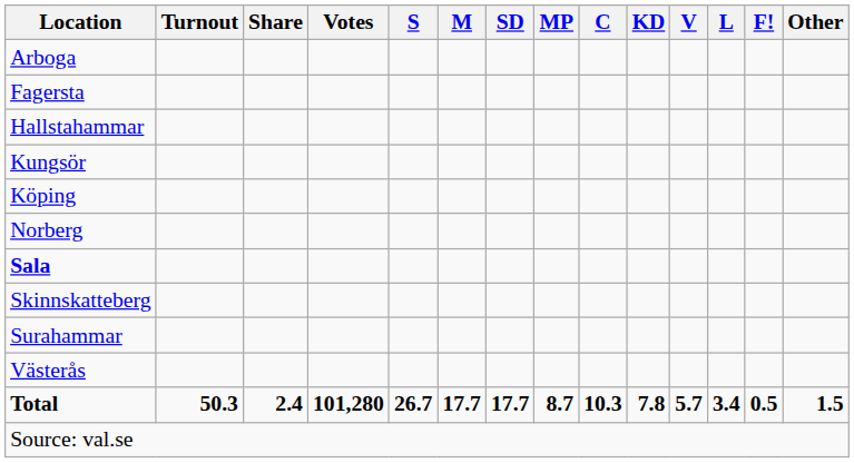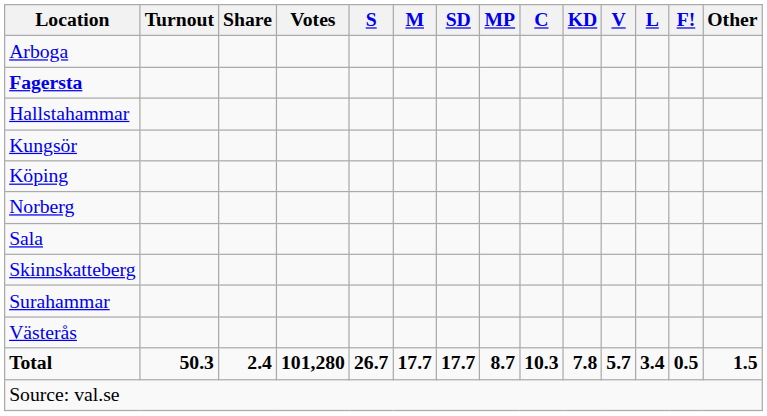 <table class="wikitable sortable" style=text-align:right>
 <tr>
 <th>Location</th>
 <th>Turnout</th>
 <th>Share</th>
 <th>Votes</th>
 <th><a href='#'>S</a></th>
 <th><a href='#'>M</a></th>
 <th><a href='#'>SD</a></th>
 <th><a href='#'>MP</a></th>
 <th><a href='#'>C</a></th>
 <th><a href='#'>KD</a></th>
 <th><a href='#'>V</a></th>
 <th><a href='#'>L</a></th>
 <th><a href='#'>F!</a></th>
 <th>Other</th>
 </tr>
 <tr>
 <td align=left><a href='#'>Arboga</a></td>
 <td></td>
 <td></td>
 <td></td>
 <td></td>
 <td></td>
 <td></td>
 <td></td>
 <td></td>
 <td></td>
 <td></td>
 <td></td>
 <td></td>
 <td></td>
 </tr>
 <tr>
-<td align=left><a href='#'>Fagersta</a></td>
+<td align=left><strong><a href='#'>Fagersta</a></strong></td>
 <td></td>
 <td></td>
 <td></td>
 <td></td>
 <td></td>
 <td></td>
 <td></td>
 <td></td>
 <td></td>
 <td></td>
 <td></td>
 <td></td>
 <td></td>
 </tr>
 <tr>
 <td align=left><a href='#'>Hallstahammar</a></td>
 <td></td>
 <td></td>
 <td></td>
 <td></td>
 <td></td>
 <td></td>
 <td></td>
 <td></td>
 <td></td>
 <td></td>
 <td></td>
 <td></td>
 <td></td>
 </tr>
 <tr>
 <td align=left><a href='#'>Kungsör</a></td>
 <td></td>
 <td></td>
 <td></td>
 <td></td>
 <td></td>
 <td></td>
 <td></td>
 <td></td>
 <td></td>
 <td></td>
 <td></td>
 <td></td>
 <td></td>
 </tr>
 <tr>
 <td align=left><a href='#'>Köping</a></td>
 <td></td>
 <td></td>
 <td></td>
 <td></td>
 <td></td>
 <td></td>
 <td></td>
 <td></td>
 <td></td>
 <td></td>
 <td></td>
 <td></td>
 <td></td>
 </tr>
 <tr>
 <td align=left><a href='#'>Norberg</a></td>
 <td></td>
 <td></td>
 <td></td>
 <td></td>
 <td></td>
 <td></td>
 <td></td>
 <td></td>
 <td></td>
 <td></td>
 <td></td>
 <td></td>
 <td></td>
 </tr>
 <tr>
-<td align=left><strong><a href='#'>Sala</a></strong></td>
+<td align=left><a href='#'>Sala</a></td>
 <td></td>
 <td></td>
 <td></td>
 <td></td>
 <td></td>
 <td></td>
 <td></td>
 <td></td>
 <td></td>
 <td></td>
 <td></td>
 <td></td>
 <td></td>
 </tr>
 <tr>
 <td align=left><a href='#'>Skinnskatteberg</a></td>
 <td></td>
 <td></td>
 <td></td>
 <td></td>
 <td></td>
 <td></td>
 <td></td>
 <td></td>
 <td></td>
 <td></td>
 <td></td>
 <td></td>
 <td></td>
 </tr>
 <tr>
 <td align=left><a href='#'>Surahammar</a></td>
 <td></td>
 <td></td>
 <td></td>
 <td></td>
 <td></td>
 <td></td>
 <td></td>
 <td></td>
 <td></td>
 <td></td>
 <td></td>
 <td></td>
 <td></td>
 </tr>
 <tr>
 <td align=left><a href='#'>Västerås</a></td>
 <td></td>
 <td></td>
 <td></td>
 <td></td>
 <td></td>
 <td></td>
 <td></td>
 <td></td>
 <td></td>
 <td></td>
 <td></td>
 <td></td>
 <td></td>
 </tr>
 <tr>
 <td align=left><strong>Total</strong></td>
 <td><strong>50.3</strong></td>
 <td><strong>2.4</strong></td>
 <td><strong>101,280</strong></td>
 <td><strong>26.7</strong></td>
 <td><strong>17.7</strong></td>
 <td><strong>17.7</strong></td>
 <td><strong>8.7</strong></td>
 <td><strong>10.3</strong></td>
 <td><strong>7.8</strong></td>
 <td><strong>5.7</strong></td>
 <td><strong>3.4</strong></td>
 <td><strong>0.5</strong></td>
 <td><strong>1.5</strong></td>
 </tr>
 <tr>
 <td align=left colspan=14>Source: val.se </td>
 </tr>
 </table>
